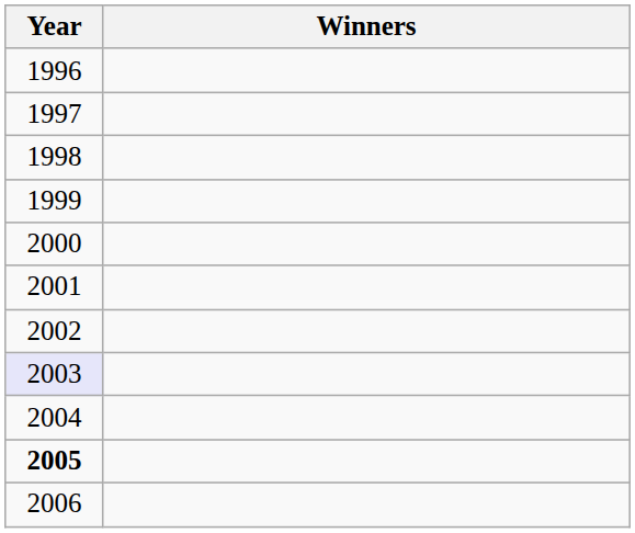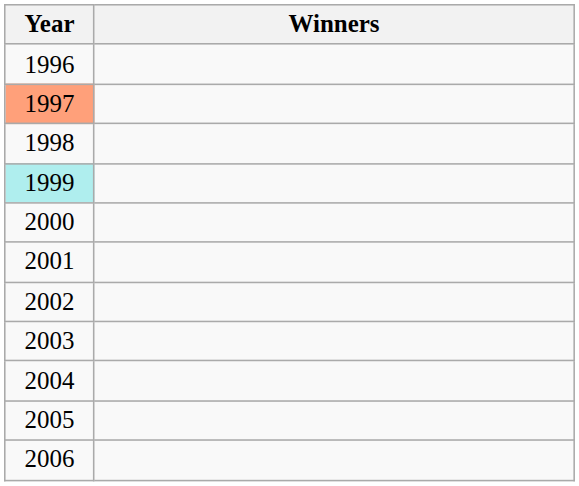 <table class="wikitable" style="text-align:center;">
 <tr>
 <th width="50">Year</th>
 <th width="300">Winners</th>
 </tr>
 <tr>
 <td>1996</td>
 <td></td>
 </tr>
 <tr>
-<td>1997</td>
+<td style="background: lightsalmon;">1997</td>
 <td></td>
 </tr>
 <tr>
 <td>1998</td>
 <td></td>
 </tr>
 <tr>
-<td>1999</td>
+<td style="background: paleturquoise;">1999</td>
 <td></td>
 </tr>
 <tr>
 <td>2000</td>
 <td></td>
 </tr>
 <tr>
 <td>2001</td>
 <td></td>
 </tr>
 <tr>
 <td>2002</td>
 <td></td>
 </tr>
 <tr>
-<td style="background: lavender;">2003</td>
+<td>2003</td>
 <td></td>
 </tr>
 <tr>
 <td>2004</td>
 <td></td>
 </tr>
 <tr>
-<td><strong>2005</strong></td>
+<td>2005</td>
 <td></td>
 </tr>
 <tr>
 <td>2006</td>
 <td></td>
 </tr>
 </table>
